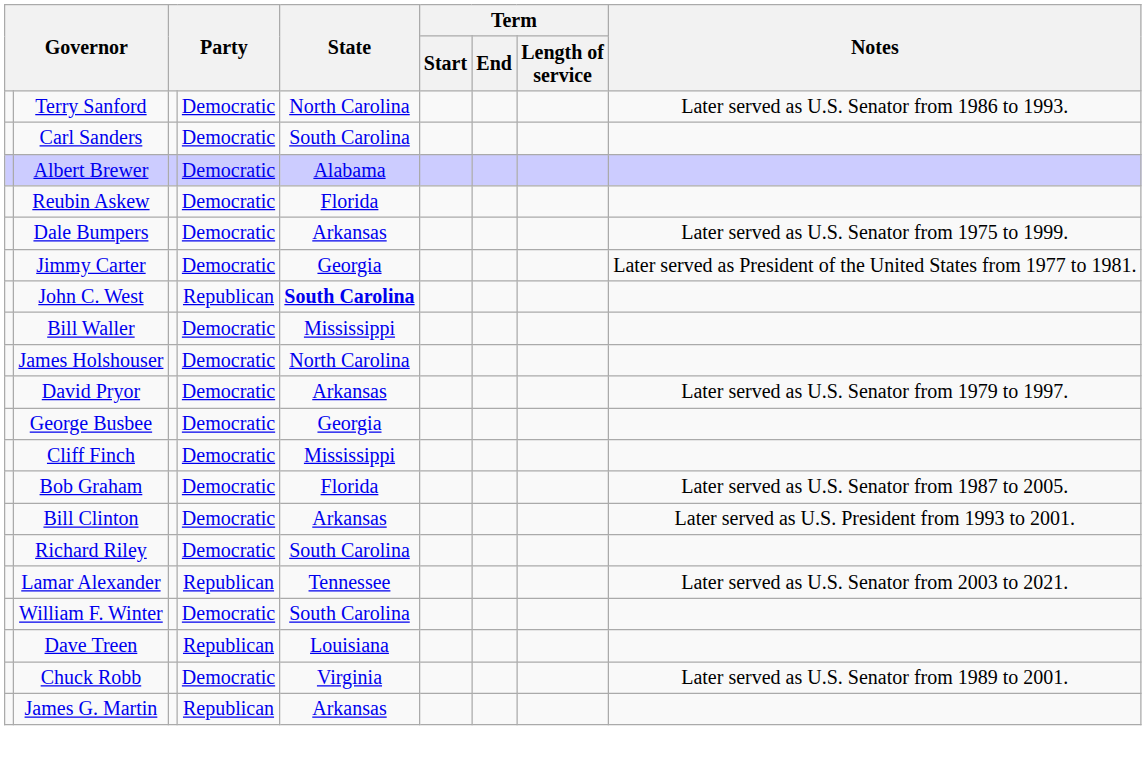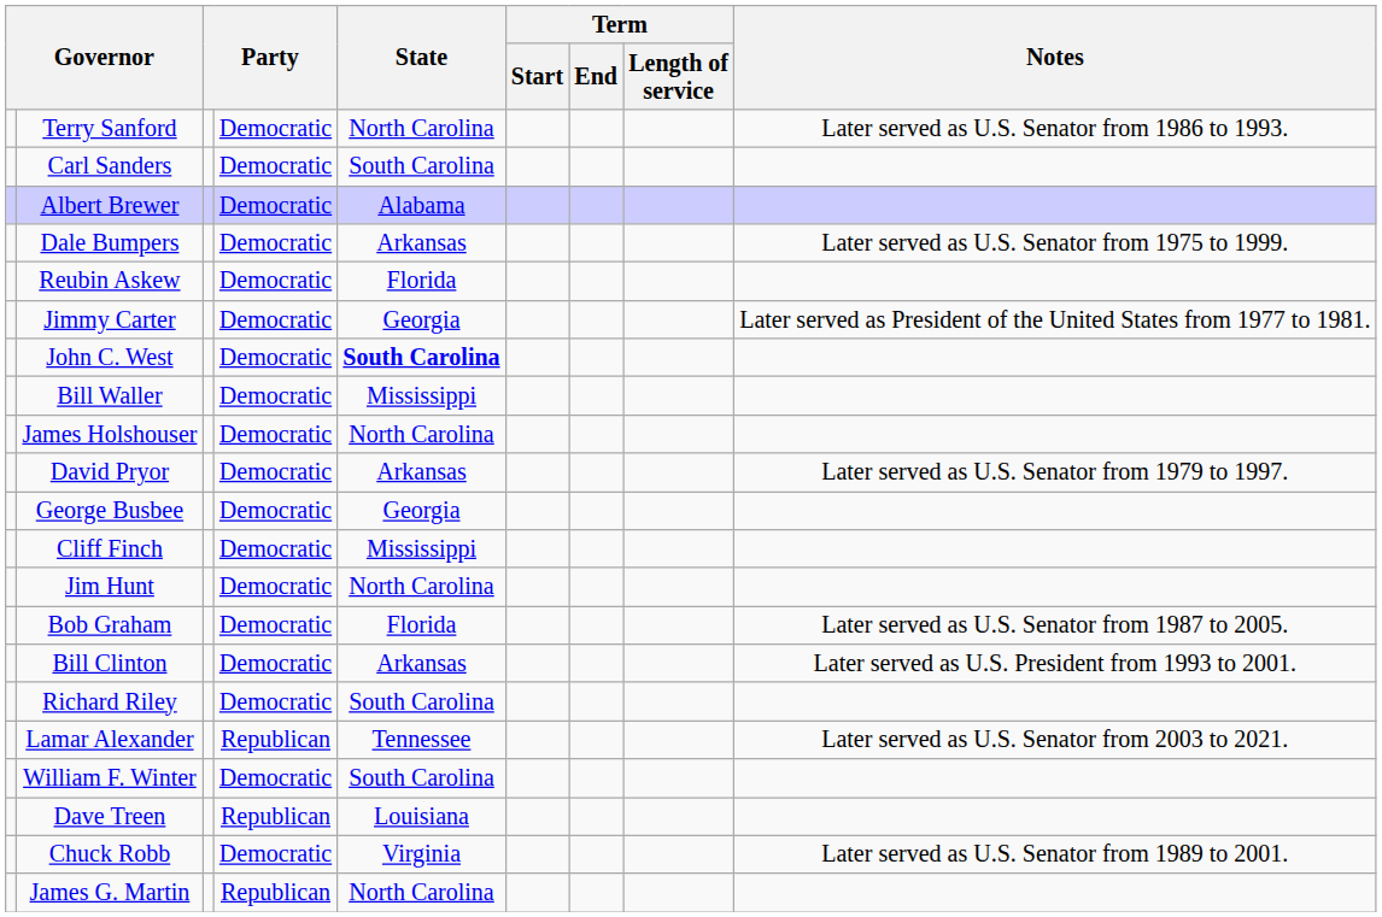 <table class="wikitable sortable" style="text-align:center">
 <tr>
 <th scope="col" rowspan=2 colspan=2>Governor</th>
 <th scope="col" rowspan=2 colspan=2>Party</th>
 <th scope="col" rowspan=2>State</th>
 <th scope="col" colspan=3>Term</th>
 <th scope="col" rowspan=2>Notes</th>
 </tr>
 <tr>
 <th scope="col">Start</th>
 <th scope="col">End</th>
 <th scope="col">Length of<br>service</th>
 </tr>
 <tr>
 <td data-sort-value="Sanford, Terry"></td>
 <td><a href='#'>Terry Sanford</a></td>
 <td style="background-color:"></td>
 <td><a href='#'>Democratic</a></td>
 <td><a href='#'>North Carolina</a></td>
 <td></td>
 <td></td>
 <td></td>
 <td>Later served as U.S. Senator from 1986 to 1993.</td>
 </tr>
 <tr>
 <td data-sort-value="Sanders, Carl"></td>
 <td><a href='#'>Carl Sanders</a></td>
 <td style="background-color:"></td>
 <td><a href='#'>Democratic</a></td>
 <td><a href='#'>South Carolina</a></td>
 <td></td>
 <td></td>
 <td></td>
 <td></td>
 </tr>
 <tr style="background:#CCF">
 <td data-sort-value="Brewer, Albert"></td>
 <td><a href='#'>Albert Brewer</a></td>
 <td style="background-color:"></td>
 <td><a href='#'>Democratic</a></td>
 <td><a href='#'>Alabama</a></td>
 <td></td>
 <td></td>
 <td></td>
 <td></td>
 </tr>
 <tr>
+<td data-sort-value="Bumpers, Dale"></td>
+<td><a href='#'>Dale Bumpers</a></td>
+<td style="background-color:"></td>
+<td><a href='#'>Democratic</a></td>
+<td><a href='#'>Arkansas</a></td>
+<td></td>
+<td></td>
+<td></td>
+<td>Later served as U.S. Senator from 1975 to 1999.</td>
+</tr>
+<tr>
 <td data-sort-value="Askew, Reubin"></td>
 <td><a href='#'>Reubin Askew</a></td>
 <td style="background-color:"></td>
 <td><a href='#'>Democratic</a></td>
 <td><a href='#'>Florida</a></td>
 <td></td>
 <td></td>
 <td></td>
 <td></td>
-</tr>
-<tr>
-<td data-sort-value="Bumpers, Dale"></td>
-<td><a href='#'>Dale Bumpers</a></td>
-<td style="background-color:"></td>
-<td><a href='#'>Democratic</a></td>
-<td><a href='#'>Arkansas</a></td>
-<td></td>
-<td></td>
-<td></td>
-<td>Later served as U.S. Senator from 1975 to 1999.</td>
 </tr>
 <tr>
 <td data-sort-value="Carter, Jimmy"></td>
 <td><a href='#'>Jimmy Carter</a></td>
 <td style="background-color:"></td>
 <td><a href='#'>Democratic</a></td>
 <td><a href='#'>Georgia</a></td>
 <td></td>
 <td></td>
 <td></td>
 <td>Later served as President of the United States from 1977 to 1981.</td>
 </tr>
 <tr>
 <td data-sort-value="West, John"></td>
 <td><a href='#'>John C. West</a></td>
 <td style="background-color:"></td>
-<td><a href='#'>Republican</a></td>
+<td><a href='#'>Democratic</a></td>
 <td><strong><a href='#'>South Carolina</a></strong></td>
 <td></td>
 <td></td>
 <td></td>
 <td></td>
 </tr>
 <tr>
 <td data-sort-value="Waller, Bill"></td>
 <td><a href='#'>Bill Waller</a></td>
 <td style="background-color:"></td>
 <td><a href='#'>Democratic</a></td>
 <td><a href='#'>Mississippi</a></td>
 <td></td>
 <td></td>
 <td></td>
 <td></td>
 </tr>
 <tr>
 <td data-sort-value="Holshouser, James"></td>
 <td><a href='#'>James Holshouser</a></td>
 <td style="background-color:"></td>
 <td><a href='#'>Democratic</a></td>
 <td><a href='#'>North Carolina</a></td>
 <td></td>
 <td></td>
 <td></td>
 <td></td>
 </tr>
 <tr>
 <td data-sort-value="Pryor, David"></td>
 <td><a href='#'>David Pryor</a></td>
 <td style="background-color:"></td>
 <td><a href='#'>Democratic</a></td>
 <td><a href='#'>Arkansas</a></td>
 <td></td>
 <td></td>
 <td></td>
 <td>Later served as U.S. Senator from 1979 to 1997.</td>
 </tr>
 <tr>
 <td data-sort-value="Busbee, George"></td>
 <td><a href='#'>George Busbee</a></td>
 <td style="background-color:"></td>
 <td><a href='#'>Democratic</a></td>
 <td><a href='#'>Georgia</a></td>
 <td></td>
 <td></td>
 <td></td>
 <td></td>
 </tr>
 <tr>
 <td data-sort-value="Finch, Cliff"></td>
 <td><a href='#'>Cliff Finch</a></td>
 <td style="background-color:"></td>
 <td><a href='#'>Democratic</a></td>
 <td><a href='#'>Mississippi</a></td>
 <td></td>
 <td></td>
+<td></td>
+<td></td>
+</tr>
+<tr>
+<td data-sort-value="Hunt, Jim"></td>
+<td><a href='#'>Jim Hunt</a></td>
+<td style="background-color:"></td>
+<td><a href='#'>Democratic</a></td>
+<td><a href='#'>North Carolina</a></td>
+<td><br></td>
+<td><br></td>
 <td></td>
 <td></td>
 </tr>
 <tr>
 <td data-sort-value="Graham, Bob"></td>
 <td><a href='#'>Bob Graham</a></td>
 <td style="background-color:"></td>
 <td><a href='#'>Democratic</a></td>
 <td><a href='#'>Florida</a></td>
 <td></td>
 <td></td>
 <td></td>
 <td>Later served as U.S. Senator from 1987 to 2005.</td>
 </tr>
 <tr>
 <td data-sort-value="Clinton, Bill"></td>
 <td><a href='#'>Bill Clinton</a></td>
 <td style="background-color:"></td>
 <td><a href='#'>Democratic</a></td>
 <td><a href='#'>Arkansas</a></td>
 <td><br></td>
 <td><br></td>
 <td></td>
 <td>Later served as U.S. President from 1993 to 2001.</td>
 </tr>
 <tr>
 <td data-sort-value="Riley, Richard"></td>
 <td><a href='#'>Richard Riley</a></td>
 <td style="background-color:"></td>
 <td><a href='#'>Democratic</a></td>
 <td><a href='#'>South Carolina</a></td>
 <td></td>
 <td></td>
 <td></td>
 <td></td>
 </tr>
 <tr>
 <td data-sort-value="Alexander, Lamar"></td>
 <td><a href='#'>Lamar Alexander</a></td>
 <td style="background-color:"></td>
 <td><a href='#'>Republican</a></td>
 <td><a href='#'>Tennessee</a></td>
 <td></td>
 <td></td>
 <td></td>
 <td>Later served as U.S. Senator from 2003 to 2021.</td>
 </tr>
 <tr>
 <td data-sort-value="Winter, William"></td>
 <td><a href='#'>William F. Winter</a></td>
 <td style="background-color:"></td>
 <td><a href='#'>Democratic</a></td>
 <td><a href='#'>South Carolina</a></td>
 <td></td>
 <td></td>
 <td></td>
 <td></td>
 </tr>
 <tr>
 <td data-sort-value="Treen, Dave"></td>
 <td><a href='#'>Dave Treen</a></td>
 <td style="background-color:"></td>
 <td><a href='#'>Republican</a></td>
 <td><a href='#'>Louisiana</a></td>
 <td></td>
 <td></td>
 <td></td>
 <td></td>
 </tr>
 <tr>
 <td data-sort-value="Robb, Chuck"></td>
 <td><a href='#'>Chuck Robb</a></td>
 <td style="background-color:"></td>
 <td><a href='#'>Democratic</a></td>
 <td><a href='#'>Virginia</a></td>
 <td></td>
 <td></td>
 <td></td>
 <td>Later served as U.S. Senator from 1989 to 2001.</td>
 </tr>
 <tr>
 <td data-sort-value="Martin, James"></td>
 <td><a href='#'>James G. Martin</a></td>
 <td style="background-color:"></td>
 <td><a href='#'>Republican</a></td>
-<td><a href='#'>Arkansas</a></td>
+<td><a href='#'>North Carolina</a></td>
 <td></td>
 <td></td>
 <td></td>
 <td></td>
 </tr>
 </table>
